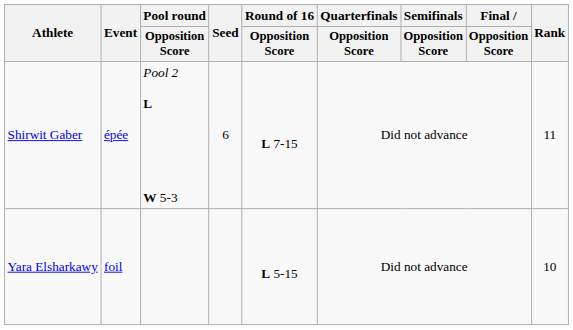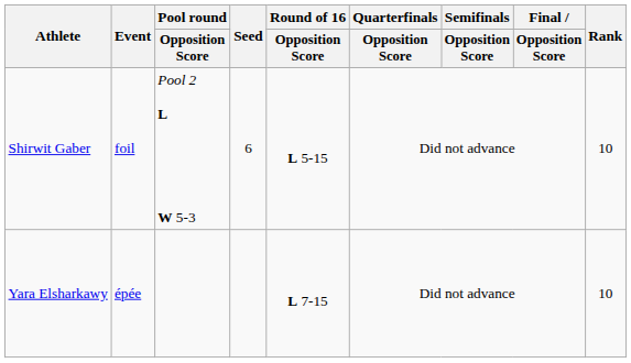 <table class=wikitable style="font-size:90%">
 <tr>
 <th rowspan="2">Athlete</th>
 <th rowspan="2">Event</th>
 <th>Pool round</th>
 <th rowspan="2">Seed</th>
 <th>Round of 16</th>
 <th>Quarterfinals</th>
 <th>Semifinals</th>
 <th>Final / </th>
 <th rowspan=2>Rank</th>
 </tr>
 <tr style="font-size:95%">
 <th>Opposition<br>Score</th>
 <th>Opposition<br>Score</th>
 <th>Opposition<br>Score</th>
 <th>Opposition<br>Score</th>
 <th>Opposition<br>Score</th>
 </tr>
 <tr align=center>
 <td align=left><a href='#'>Shirwit Gaber</a></td>
-<td align=left><a href='#'>épée</a></td>
+<td align=left><a href='#'>foil</a></td>
 <td align=left><em>Pool 2</em><br><br><strong>L</strong> <br><br> <br><br><br><br><strong>W</strong> 5-3</td>
 <td>6</td>
-<td><br><strong>L</strong> 7-15</td>
-<td colspan=3>Did not advance</td>
-<td>11</td>
-</tr>
-<tr align=center>
-<td align=left><a href='#'>Yara Elsharkawy</a></td>
-<td align=left><a href='#'>foil</a></td>
-<td align=left><br><br><br><br><br><br><br></td>
-<td></td>
 <td><br><strong>L</strong> 5-15</td>
 <td colspan=3>Did not advance</td>
 <td>10</td>
 </tr>
+<tr align=center>
+<td align=left><a href='#'>Yara Elsharkawy</a></td>
+<td align=left><a href='#'>épée</a></td>
+<td align=left><br><br><br><br><br><br><br></td>
+<td></td>
+<td><br><strong>L</strong> 7-15</td>
+<td colspan=3>Did not advance</td>
+<td>10</td>
+</tr>
 </table>
